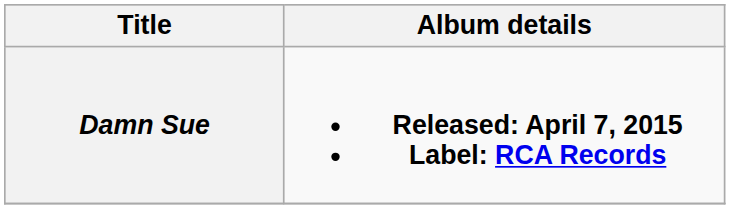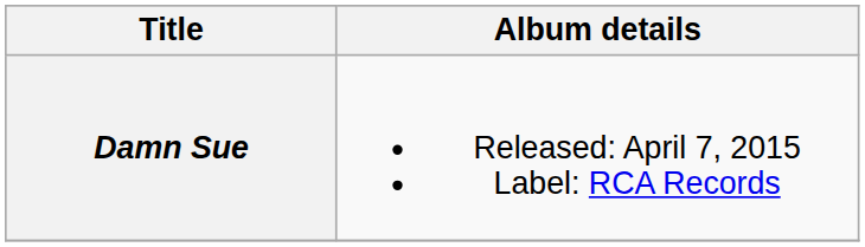 <table class="wikitable plainrowheaders" style="text-align:center;">
 <tr>
 <th scope="col" style="width:10em;">Title</th>
 <th scope="col" style="width:16em;">Album details</th>
 </tr>
 <tr>
 <th scope="row"><em>Damn Sue</em></th>
-<td><strong><br><ul><li>Released: April 7, 2015</li><li>Label: <a href='#'>RCA Records</a></li></ul></strong></td>
+<td><br><ul><li>Released: April 7, 2015</li><li>Label: <a href='#'>RCA Records</a></li></ul></td>
 </tr>
 <tr>
 </tr>
 </table>
